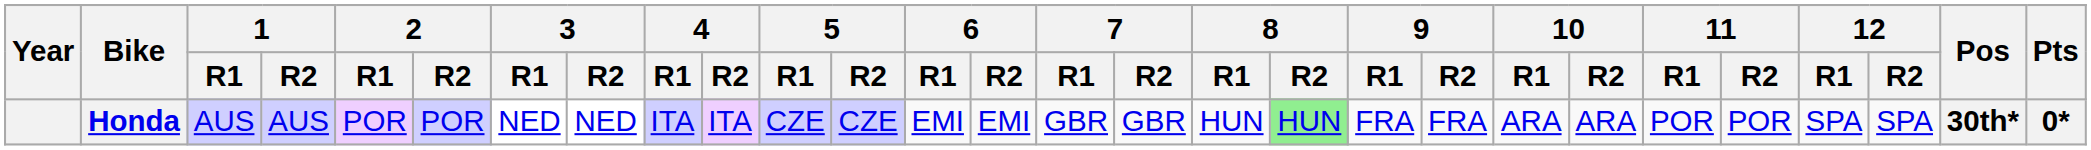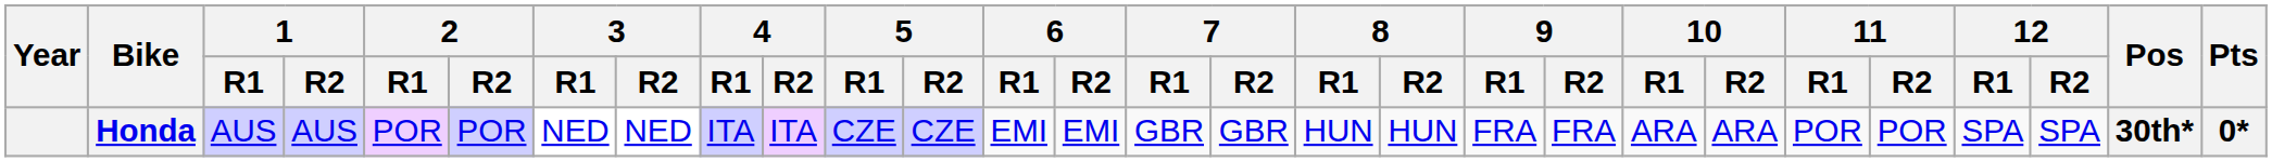 <table class="wikitable" style="text-align:center; font-size:90%;">
 <tr>
 <th rowspan="2">Year</th>
 <th rowspan="2">Bike</th>
 <th colspan="2">1</th>
 <th colspan="2">2</th>
 <th colspan="2">3</th>
 <th colspan="2">4</th>
 <th colspan="2">5</th>
 <th colspan="2">6</th>
 <th colspan="2">7</th>
 <th colspan="2">8</th>
 <th colspan="2">9</th>
 <th colspan="2">10</th>
 <th colspan="2">11</th>
 <th colspan="2">12</th>
 <th rowspan="2">Pos</th>
 <th rowspan="2">Pts</th>
 </tr>
 <tr>
 <th>R1</th>
 <th>R2</th>
 <th>R1</th>
 <th>R2</th>
 <th>R1</th>
 <th>R2</th>
 <th>R1</th>
 <th>R2</th>
 <th>R1</th>
 <th>R2</th>
 <th>R1</th>
 <th>R2</th>
 <th>R1</th>
 <th>R2</th>
 <th>R1</th>
 <th>R2</th>
 <th>R1</th>
 <th>R2</th>
 <th>R1</th>
 <th>R2</th>
 <th>R1</th>
 <th>R2</th>
 <th>R1</th>
 <th>R2</th>
 </tr>
 <tr>
 <th></th>
 <th><a href='#'>Honda</a></th>
 <td style="background:#CFCFFF;"><a href='#'>AUS</a><br></td>
 <td style="background:#CFCFFF;"><a href='#'>AUS</a><br></td>
 <td style="background:#EFCFFF;"><a href='#'>POR</a><br></td>
 <td style="background:#CFCFFF;"><a href='#'>POR</a><br></td>
 <td style="background:#FFFFFF;"><a href='#'>NED</a><br></td>
 <td style="background:#FFFFFF;"><a href='#'>NED</a><br></td>
 <td style="background:#CFCFFF;"><a href='#'>ITA</a><br></td>
 <td style="background:#EFCFFF;"><a href='#'>ITA</a><br></td>
 <td style="background:#CFCFFF;"><a href='#'>CZE</a><br></td>
 <td style="background:#CFCFFF;"><a href='#'>CZE</a><br></td>
 <td><a href='#'>EMI</a></td>
 <td><a href='#'>EMI</a></td>
 <td><a href='#'>GBR</a></td>
 <td><a href='#'>GBR</a></td>
 <td><a href='#'>HUN</a></td>
-<td style="background: lightgreen;"><a href='#'>HUN</a></td>
+<td><a href='#'>HUN</a></td>
 <td><a href='#'>FRA</a></td>
 <td><a href='#'>FRA</a></td>
 <td><a href='#'>ARA</a></td>
 <td><a href='#'>ARA</a></td>
 <td><a href='#'>POR</a></td>
 <td><a href='#'>POR</a></td>
 <td><a href='#'>SPA</a></td>
 <td><a href='#'>SPA</a></td>
 <th>30th*</th>
 <th>0*</th>
 </tr>
 </table>
